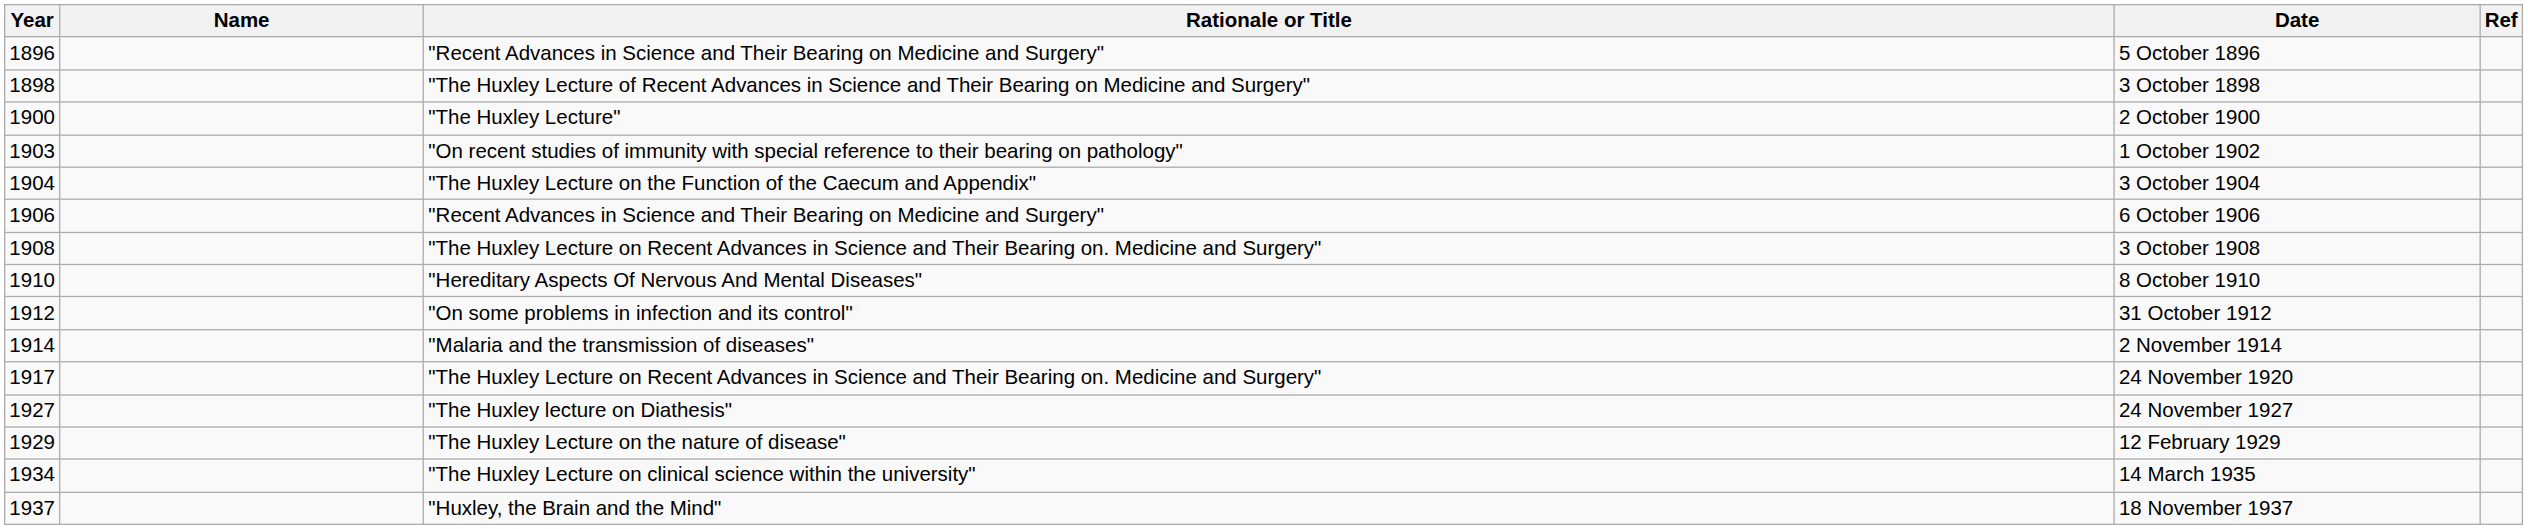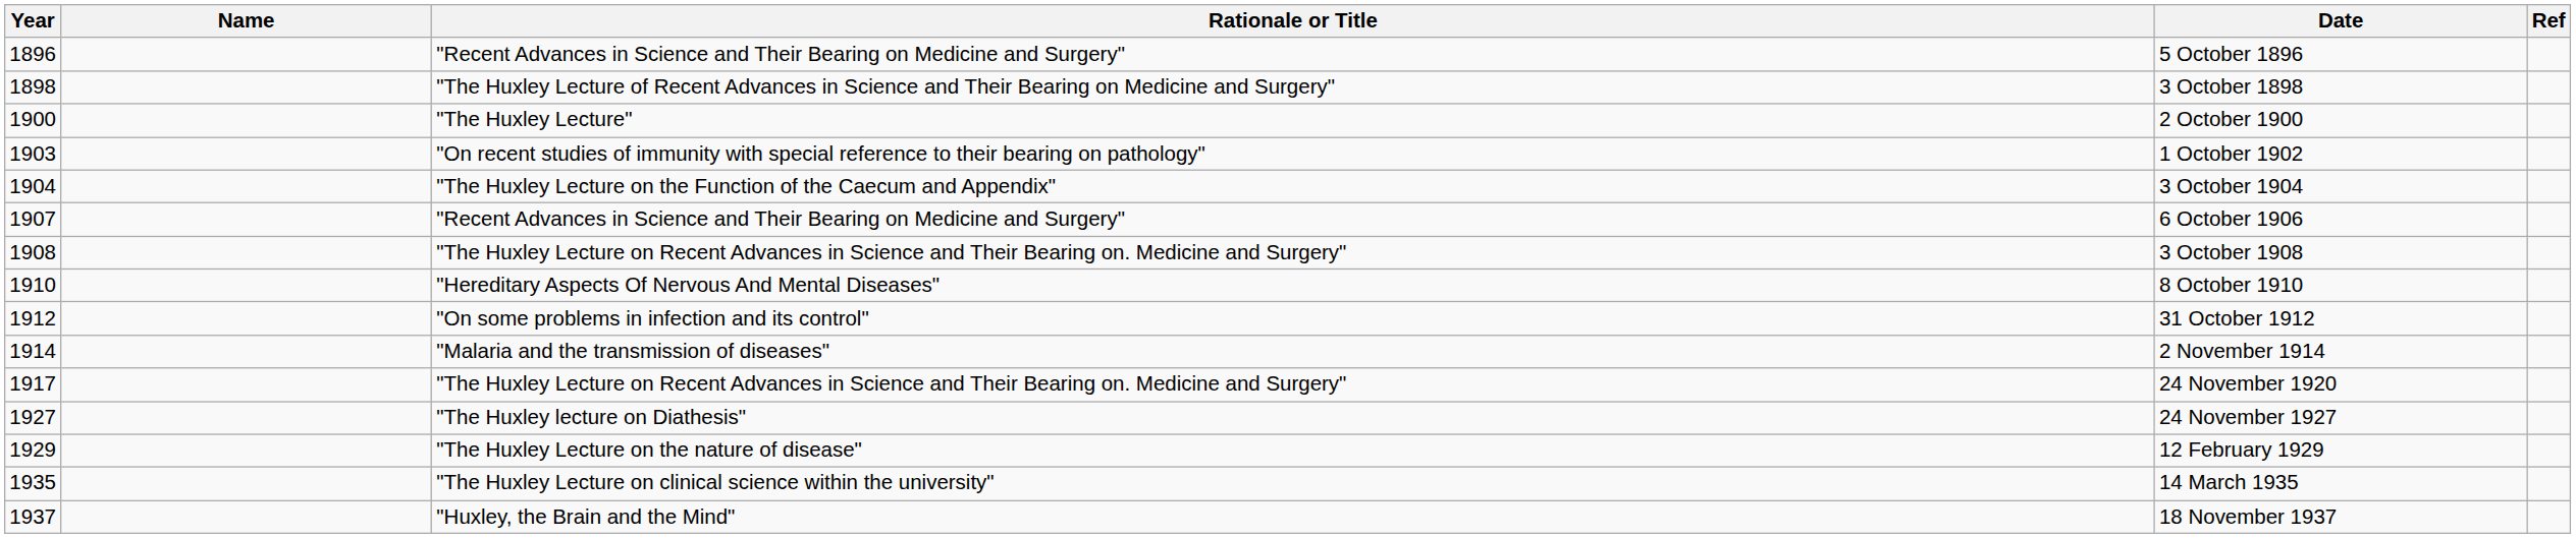 <table class="wikitable sortable" border="1" style="align:left;">
 <tr>
 <th>Year</th>
 <th width=15%>Name</th>
 <th width=70% class="unsortable">Rationale or Title</th>
 <th width=15% class="unsortable">Date</th>
 <th width=5% class="unsortable">Ref</th>
 </tr>
 <tr>
 <td>1896</td>
 <td></td>
 <td>"Recent Advances in Science and Their Bearing on Medicine and Surgery"</td>
 <td>5 October 1896</td>
 <td></td>
 </tr>
 <tr>
 <td>1898</td>
 <td></td>
 <td>"The Huxley Lecture of Recent Advances in Science and Their Bearing on Medicine and Surgery"</td>
 <td>3 October 1898</td>
 <td></td>
 </tr>
 <tr>
 <td>1900</td>
 <td></td>
 <td>"The Huxley Lecture"</td>
 <td>2 October 1900</td>
 <td></td>
 </tr>
 <tr>
 <td>1903</td>
 <td></td>
 <td>"On recent studies of immunity with special reference to their bearing on pathology"</td>
 <td>1 October 1902</td>
 <td></td>
 </tr>
 <tr>
 <td>1904</td>
 <td></td>
 <td>"The Huxley Lecture on the Function of the Caecum and Appendix"</td>
 <td>3 October 1904</td>
 <td></td>
 </tr>
 <tr>
-<td>1906</td>
+<td>1907</td>
 <td></td>
 <td>"Recent Advances in Science and Their Bearing on Medicine and Surgery"</td>
 <td>6 October 1906</td>
 <td></td>
 </tr>
 <tr>
 <td>1908</td>
 <td></td>
 <td>"The Huxley Lecture on Recent Advances in Science and Their Bearing on. Medicine and Surgery"</td>
 <td>3 October 1908</td>
 <td></td>
 </tr>
 <tr>
 <td>1910</td>
 <td></td>
 <td>"Hereditary Aspects Of Nervous And Mental Diseases"</td>
 <td>8 October 1910</td>
 <td></td>
 </tr>
 <tr>
 <td>1912</td>
 <td></td>
 <td>"On some problems in infection and its control"</td>
 <td>31 October 1912</td>
 <td></td>
 </tr>
 <tr>
 <td>1914</td>
 <td></td>
 <td>"Malaria and the transmission of diseases"</td>
 <td>2 November 1914</td>
 <td></td>
 </tr>
 <tr>
 <td>1917</td>
 <td></td>
 <td>"The Huxley Lecture on Recent Advances in Science and Their Bearing on. Medicine and Surgery"</td>
 <td>24 November 1920</td>
 <td></td>
 </tr>
 <tr>
 <td>1927</td>
 <td></td>
 <td>"The Huxley lecture on Diathesis"</td>
 <td>24 November 1927</td>
 <td></td>
 </tr>
 <tr>
 <td>1929</td>
 <td></td>
 <td>"The Huxley Lecture on the nature of disease"</td>
 <td>12 February 1929</td>
 <td></td>
 </tr>
 <tr>
-<td>1934</td>
+<td>1935</td>
 <td></td>
 <td>"The Huxley Lecture on clinical science within the university"</td>
 <td>14 March 1935</td>
 <td></td>
 </tr>
 <tr>
 <td>1937</td>
 <td></td>
 <td>"Huxley, the Brain and the Mind"</td>
 <td>18 November 1937</td>
 <td></td>
 </tr>
 </table>
